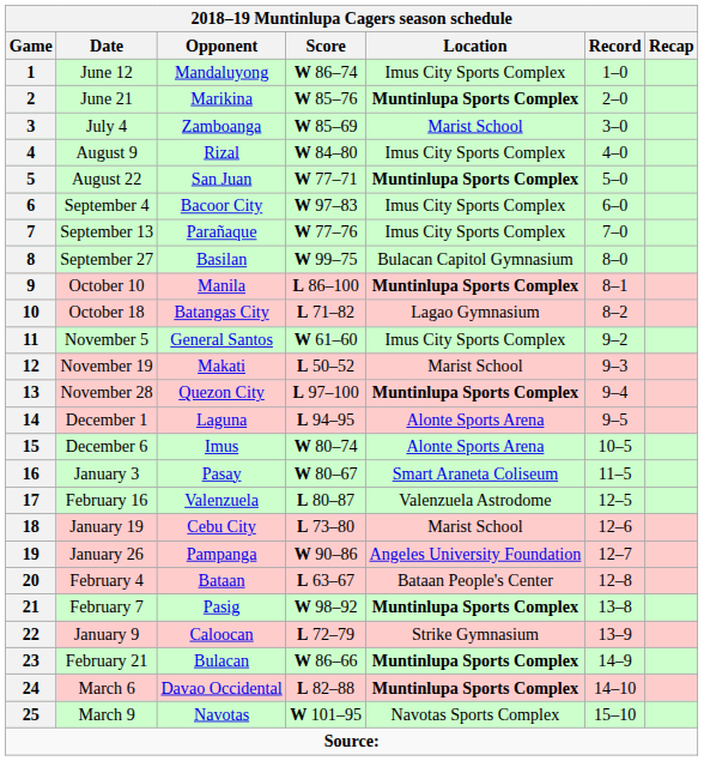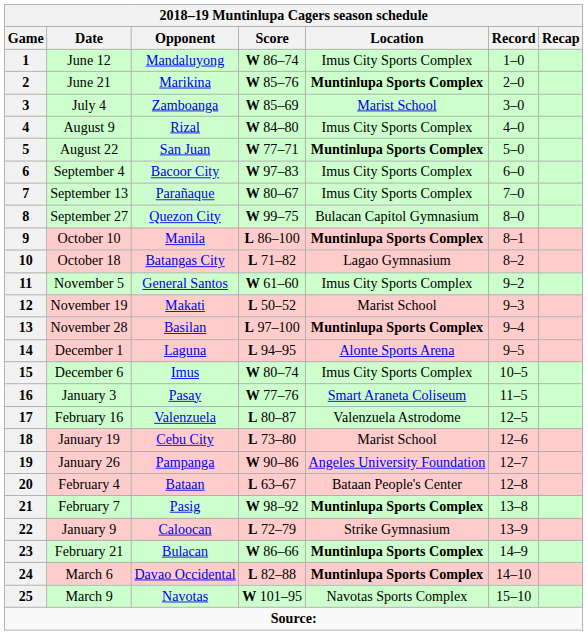 <table class="wikitable" style="text-align:center">
 <tr>
 <th colspan=7>2018–19 Muntinlupa Cagers season schedule</th>
 </tr>
 <tr>
 <th>Game</th>
 <th>Date</th>
 <th>Opponent</th>
 <th>Score</th>
 <th>Location</th>
 <th>Record</th>
 <th>Recap<br></th>
 </tr>
 <tr style="background:#cfc">
 <th>1</th>
 <td>June 12</td>
 <td><a href='#'>Mandaluyong</a></td>
 <td><strong>W</strong> 86–74</td>
 <td>Imus City Sports Complex</td>
 <td>1–0</td>
 <td></td>
 </tr>
 <tr style="background:#cfc">
 <th>2</th>
 <td>June 21</td>
 <td><a href='#'>Marikina</a></td>
 <td><strong>W</strong> 85–76</td>
 <td><strong>Muntinlupa Sports Complex</strong></td>
 <td>2–0</td>
 <td></td>
 </tr>
 <tr style="background:#cfc">
 <th>3</th>
 <td>July 4</td>
 <td><a href='#'>Zamboanga</a></td>
 <td><strong>W</strong> 85–69</td>
 <td><a href='#'>Marist School</a></td>
 <td>3–0</td>
 <td></td>
 </tr>
 <tr style="background:#cfc">
 <th>4</th>
 <td>August 9</td>
 <td><a href='#'>Rizal</a></td>
 <td><strong>W</strong> 84–80</td>
 <td>Imus City Sports Complex</td>
 <td>4–0</td>
 <td></td>
 </tr>
 <tr style="background:#cfc">
 <th>5</th>
 <td>August 22</td>
 <td><a href='#'>San Juan</a></td>
 <td><strong>W</strong> 77–71</td>
 <td><strong>Muntinlupa Sports Complex</strong></td>
 <td>5–0</td>
 <td></td>
 </tr>
 <tr style="background:#cfc">
 <th>6</th>
 <td>September 4</td>
 <td><a href='#'>Bacoor City</a></td>
 <td><strong>W</strong> 97–83</td>
 <td>Imus City Sports Complex</td>
 <td>6–0</td>
 <td></td>
 </tr>
 <tr style="background:#cfc">
 <th>7</th>
 <td>September 13</td>
 <td><a href='#'>Parañaque</a></td>
-<td><strong>W</strong> 77–76</td>
+<td><strong>W</strong> 80–67</td>
 <td>Imus City Sports Complex</td>
 <td>7–0</td>
 <td></td>
 </tr>
 <tr style="background:#cfc">
 <th>8</th>
 <td>September 27</td>
-<td><a href='#'>Basilan</a></td>
+<td><a href='#'>Quezon City</a></td>
 <td><strong>W</strong> 99–75</td>
 <td>Bulacan Capitol Gymnasium</td>
 <td>8–0</td>
 <td><br></td>
 </tr>
 <tr style="background:#fcc">
 <th>9</th>
 <td>October 10</td>
 <td><a href='#'>Manila</a></td>
 <td><strong>L</strong> 86–100</td>
 <td><strong>Muntinlupa Sports Complex</strong></td>
 <td>8–1</td>
 <td></td>
 </tr>
 <tr style="background:#fcc">
 <th>10</th>
 <td>October 18</td>
 <td><a href='#'>Batangas City</a></td>
 <td><strong>L</strong> 71–82</td>
 <td>Lagao Gymnasium</td>
 <td>8–2</td>
 <td></td>
 </tr>
 <tr style="background:#cfc">
 <th>11</th>
 <td>November 5</td>
 <td><a href='#'>General Santos</a></td>
 <td><strong>W</strong> 61–60</td>
 <td>Imus City Sports Complex</td>
 <td>9–2</td>
 <td></td>
 </tr>
 <tr style="background:#fcc">
 <th>12</th>
 <td>November 19</td>
 <td><a href='#'>Makati</a></td>
 <td><strong>L</strong> 50–52</td>
 <td>Marist School</td>
 <td>9–3</td>
 <td></td>
 </tr>
 <tr style="background:#fcc">
 <th>13</th>
 <td>November 28</td>
-<td><a href='#'>Quezon City</a></td>
+<td><a href='#'>Basilan</a></td>
 <td><strong>L</strong> 97–100 </td>
 <td><strong>Muntinlupa Sports Complex</strong></td>
 <td>9–4</td>
 <td></td>
 </tr>
 <tr style="background:#fcc">
 <th>14</th>
 <td>December 1</td>
 <td><a href='#'>Laguna</a></td>
 <td><strong>L</strong> 94–95</td>
 <td><a href='#'>Alonte Sports Arena</a></td>
 <td>9–5</td>
 <td></td>
 </tr>
 <tr style="background:#cfc">
 <th>15</th>
 <td>December 6</td>
 <td><a href='#'>Imus</a></td>
 <td><strong>W</strong> 80–74</td>
-<td><a href='#'>Alonte Sports Arena</a></td>
+<td>Imus City Sports Complex</td>
 <td>10–5</td>
 <td><br></td>
 </tr>
 <tr style="background:#cfc">
 <th>16</th>
 <td>January 3</td>
 <td><a href='#'>Pasay</a></td>
-<td><strong>W</strong> 80–67</td>
+<td><strong>W</strong> 77–76</td>
 <td><a href='#'>Smart Araneta Coliseum</a></td>
 <td>11–5</td>
 <td></td>
 </tr>
 <tr style="background:#cfc">
 <th>17</th>
 <td>February 16</td>
 <td><a href='#'>Valenzuela</a></td>
 <td><strong>L</strong> 80–87</td>
 <td>Valenzuela Astrodome</td>
 <td>12–5</td>
 <td></td>
 </tr>
 <tr style="background:#fcc">
 <th>18</th>
 <td>January 19</td>
 <td><a href='#'>Cebu City</a></td>
 <td><strong>L</strong> 73–80</td>
 <td>Marist School</td>
 <td>12–6</td>
 <td></td>
 </tr>
 <tr style="background:#fcc">
 <th>19</th>
 <td>January 26</td>
 <td><a href='#'>Pampanga</a></td>
 <td><strong>W</strong> 90–86</td>
 <td><a href='#'>Angeles University Foundation</a></td>
 <td>12–7</td>
 <td></td>
 </tr>
 <tr style="background:#fcc">
 <th>20</th>
 <td>February 4</td>
 <td><a href='#'>Bataan</a></td>
 <td><strong>L</strong> 63–67</td>
 <td>Bataan People's Center</td>
 <td>12–8</td>
 <td></td>
 </tr>
 <tr style="background:#cfc">
 <th>21</th>
 <td>February 7</td>
 <td><a href='#'>Pasig</a></td>
 <td><strong>W</strong> 98–92 </td>
 <td><strong>Muntinlupa Sports Complex</strong></td>
 <td>13–8</td>
 <td></td>
 </tr>
 <tr style="background:#fcc">
 <th>22</th>
 <td>January 9</td>
 <td><a href='#'>Caloocan</a></td>
 <td><strong>L</strong> 72–79</td>
 <td>Strike Gymnasium</td>
 <td>13–9</td>
 <td></td>
 </tr>
 <tr style="background:#cfc">
 <th>23</th>
 <td>February 21</td>
 <td><a href='#'>Bulacan</a></td>
 <td><strong>W</strong> 86–66</td>
 <td><strong>Muntinlupa Sports Complex</strong></td>
 <td>14–9</td>
 <td></td>
 </tr>
 <tr style="background:#fcc">
 <th>24</th>
 <td>March 6</td>
 <td><a href='#'>Davao Occidental</a></td>
 <td><strong>L</strong> 82–88</td>
 <td><strong>Muntinlupa Sports Complex</strong></td>
 <td>14–10</td>
 <td></td>
 </tr>
 <tr style="background:#cfc">
 <th>25</th>
 <td>March 9</td>
 <td><a href='#'>Navotas</a></td>
 <td><strong>W</strong> 101–95</td>
 <td>Navotas Sports Complex</td>
 <td>15–10</td>
 <td></td>
 </tr>
 <tr>
 <td colspan=7 align=center><strong>Source: </strong></td>
 </tr>
 </table>
